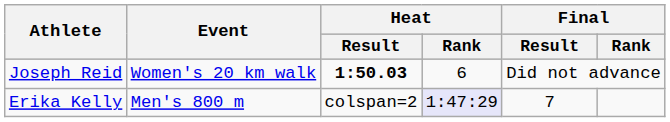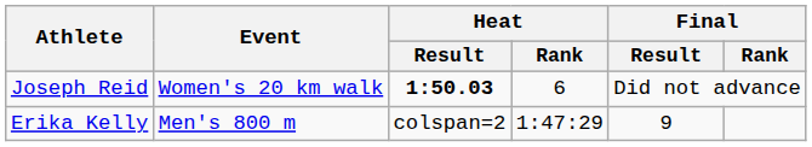 <table class="wikitable" style="font-size:90%">
 <tr>
 <th rowspan=2>Athlete</th>
 <th rowspan=2>Event</th>
 <th colspan=2>Heat</th>
 <th colspan=2>Final</th>
 </tr>
 <tr style="font-size:95%">
 <th>Result</th>
 <th>Rank</th>
 <th>Result</th>
 <th>Rank</th>
 </tr>
 <tr align=center>
 <td align=left><a href='#'>Joseph Reid</a></td>
 <td align=left><a href='#'>Women's 20 km walk</a></td>
 <td><strong>1:50.03</strong></td>
 <td>6</td>
 <td Colspan=2>Did not advance</td>
 </tr>
 <tr align=center>
 <td align=left><a href='#'>Erika Kelly</a></td>
 <td align=left><a href='#'>Men's 800 m</a></td>
 <td>colspan=2 </td>
-<td style="background: lavender;">1:47:29</td>
-<td>7</td>
+<td>1:47:29</td>
+<td>9</td>
 </tr>
 </table>
